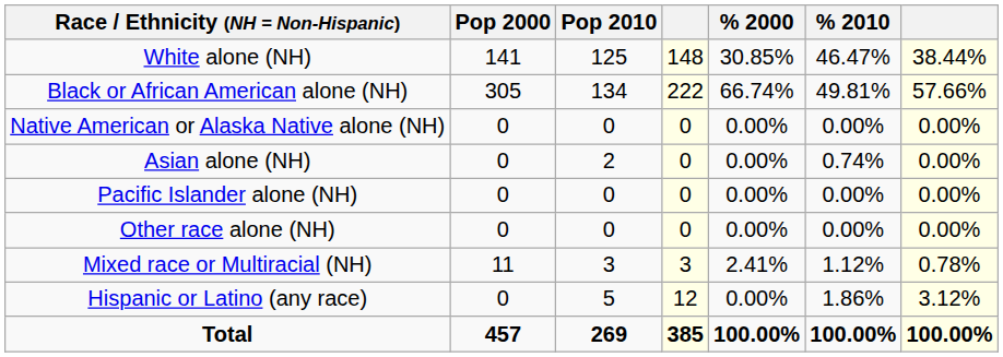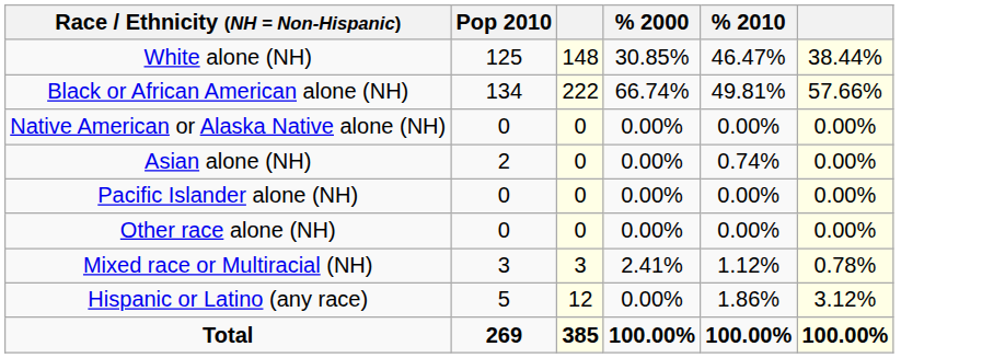 <table class="wikitable" style="text-align:center;">
 <tr>
 <th>Race / Ethnicity <small>(<em>NH = Non-Hispanic</em>)</small></th>
-<th>Pop 2000</th>
 <th>Pop 2010</th>
 <th></th>
 <th>% 2000</th>
 <th>% 2010</th>
 <th></th>
 </tr>
 <tr>
 <td><a href='#'>White</a> alone (NH)</td>
-<td>141</td>
 <td>125</td>
 <td style='background: #ffffe6;'>148</td>
 <td>30.85%</td>
 <td>46.47%</td>
 <td style='background: #ffffe6;'>38.44%</td>
 </tr>
 <tr>
 <td><a href='#'>Black or African American</a> alone (NH)</td>
-<td>305</td>
 <td>134</td>
 <td style='background: #ffffe6;'>222</td>
 <td>66.74%</td>
 <td>49.81%</td>
 <td style='background: #ffffe6;'>57.66%</td>
 </tr>
 <tr>
 <td><a href='#'>Native American</a> or <a href='#'>Alaska Native</a> alone (NH)</td>
 <td>0</td>
-<td>0</td>
 <td style='background: #ffffe6;'>0</td>
 <td>0.00%</td>
 <td>0.00%</td>
 <td style='background: #ffffe6;'>0.00%</td>
 </tr>
 <tr>
 <td><a href='#'>Asian</a> alone (NH)</td>
-<td>0</td>
 <td>2</td>
 <td style='background: #ffffe6;'>0</td>
 <td>0.00%</td>
 <td>0.74%</td>
 <td style='background: #ffffe6;'>0.00%</td>
 </tr>
 <tr>
 <td><a href='#'>Pacific Islander</a> alone (NH)</td>
 <td>0</td>
-<td>0</td>
 <td style='background: #ffffe6;'>0</td>
 <td>0.00%</td>
 <td>0.00%</td>
 <td style='background: #ffffe6;'>0.00%</td>
 </tr>
 <tr>
 <td><a href='#'>Other race</a> alone (NH)</td>
 <td>0</td>
-<td>0</td>
 <td style='background: #ffffe6;'>0</td>
 <td>0.00%</td>
 <td>0.00%</td>
 <td style='background: #ffffe6;'>0.00%</td>
 </tr>
 <tr>
 <td><a href='#'>Mixed race or Multiracial</a> (NH)</td>
-<td>11</td>
 <td>3</td>
 <td style='background: #ffffe6;'>3</td>
 <td>2.41%</td>
 <td>1.12%</td>
 <td style='background: #ffffe6;'>0.78%</td>
 </tr>
 <tr>
 <td><a href='#'>Hispanic or Latino</a> (any race)</td>
-<td>0</td>
 <td>5</td>
 <td style='background: #ffffe6;'>12</td>
 <td>0.00%</td>
 <td>1.86%</td>
 <td style='background: #ffffe6;'>3.12%</td>
 </tr>
 <tr>
 <td><strong>Total</strong></td>
-<td><strong>457</strong></td>
 <td><strong>269</strong></td>
 <td style='background: #ffffe6;'><strong>385</strong></td>
 <td><strong>100.00%</strong></td>
 <td><strong>100.00%</strong></td>
 <td style='background: #ffffe6;'><strong>100.00%</strong></td>
 </tr>
 </table>
